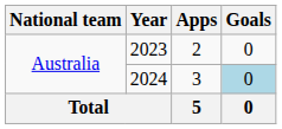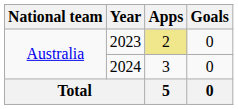 <table class="wikitable" style="text-align:center">
 <tr>
 <th>National team</th>
 <th>Year</th>
 <th>Apps</th>
 <th>Goals</th>
 </tr>
 <tr>
 <td rowspan="2"><a href='#'>Australia</a></td>
 <td>2023</td>
-<td>2</td>
+<td style="background: khaki;">2</td>
 <td>0</td>
 </tr>
 <tr>
 <td>2024</td>
 <td>3</td>
-<td style="background: lightblue;">0</td>
+<td>0</td>
 </tr>
 <tr>
 <th colspan="2">Total</th>
 <th>5</th>
 <th>0</th>
 </tr>
 </table>
